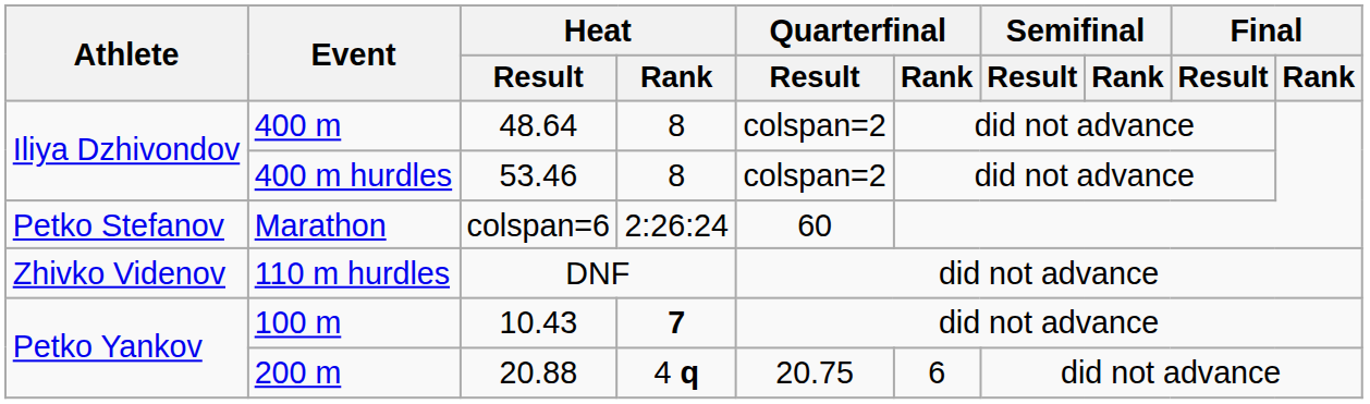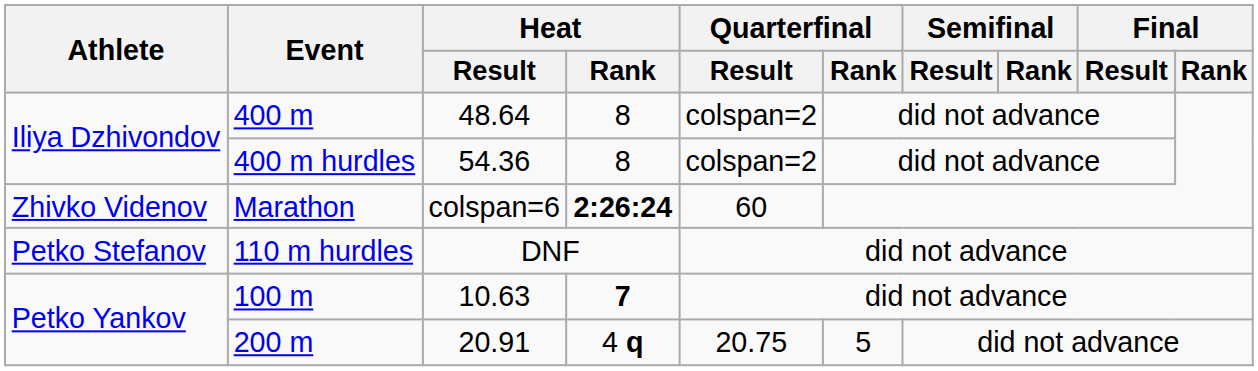 <table class=wikitable style="font-size:90%">
 <tr>
 <th rowspan="2">Athlete</th>
 <th rowspan="2">Event</th>
 <th colspan="2">Heat</th>
 <th colspan="2">Quarterfinal</th>
 <th colspan="2">Semifinal</th>
 <th colspan="2">Final</th>
 </tr>
 <tr style="font-size:95%">
 <th>Result</th>
 <th>Rank</th>
 <th>Result</th>
 <th>Rank</th>
 <th>Result</th>
 <th>Rank</th>
 <th>Result</th>
 <th>Rank</th>
 </tr>
 <tr align=center>
 <td align=left rowspan=2><a href='#'>Iliya Dzhivondov</a></td>
 <td align=left><a href='#'>400 m</a></td>
 <td>48.64</td>
 <td>8</td>
 <td>colspan=2 </td>
 <td colspan=4>did not advance</td>
 </tr>
 <tr align=center>
 <td align=left><a href='#'>400 m hurdles</a></td>
-<td>53.46</td>
+<td>54.36</td>
 <td>8</td>
 <td>colspan=2 </td>
 <td colspan=4>did not advance</td>
 </tr>
 <tr align=center>
-<td align=left><a href='#'>Petko Stefanov</a></td>
+<td align=left><a href='#'>Zhivko Videnov</a></td>
 <td align=left><a href='#'>Marathon</a></td>
 <td>colspan=6 </td>
-<td>2:26:24</td>
+<td><strong>2:26:24</strong></td>
 <td>60</td>
 </tr>
 <tr align=center>
-<td align=left><a href='#'>Zhivko Videnov</a></td>
+<td align=left><a href='#'>Petko Stefanov</a></td>
 <td align=left><a href='#'>110 m hurdles</a></td>
 <td colspan=2>DNF</td>
 <td colspan=6>did not advance</td>
 </tr>
 <tr align=center>
 <td align=left rowspan=2><a href='#'>Petko Yankov</a></td>
 <td align=left><a href='#'>100 m</a></td>
-<td>10.43</td>
+<td>10.63</td>
 <td><strong>7</strong></td>
 <td colspan=6>did not advance</td>
 </tr>
 <tr align=center>
 <td align=left><a href='#'>200 m</a></td>
-<td>20.88</td>
+<td>20.91</td>
 <td>4 <strong>q</strong></td>
 <td>20.75</td>
-<td>6</td>
+<td>5</td>
 <td colspan=4>did not advance</td>
 </tr>
 </table>
